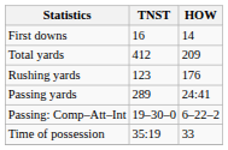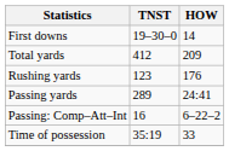 <table class="wikitable" style="float: left;">
 <tr>
 <th>Statistics</th>
 <th>TNST</th>
 <th>HOW</th>
 </tr>
 <tr>
 <td>First downs</td>
-<td>16</td>
+<td>19–30–0</td>
 <td>14</td>
 </tr>
 <tr>
 <td>Total yards</td>
 <td>412</td>
 <td>209</td>
 </tr>
 <tr>
 <td>Rushing yards</td>
 <td>123</td>
 <td>176</td>
 </tr>
 <tr>
 <td>Passing yards</td>
 <td>289</td>
 <td>24:41</td>
 </tr>
 <tr>
 <td>Passing: Comp–Att–Int</td>
-<td>19–30–0</td>
+<td>16</td>
 <td>6–22–2</td>
 </tr>
 <tr>
 <td>Time of possession</td>
 <td>35:19</td>
 <td>33</td>
 </tr>
 <tr>
 </tr>
 </table>
